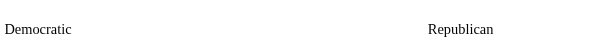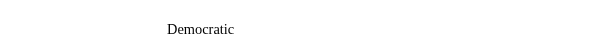 <table style="width:70%; text-align:center">
 <tr style="color:white">
 <td style="background:"><strong>262</strong></td>
 <td style="background:"><strong>4</strong></td>
-<td style="background:"><strong>169</strong></td>
 </tr>
 <tr>
 <td>Democratic</td>
 <td></td>
-<td>Republican</td>
 </tr>
 </table>
